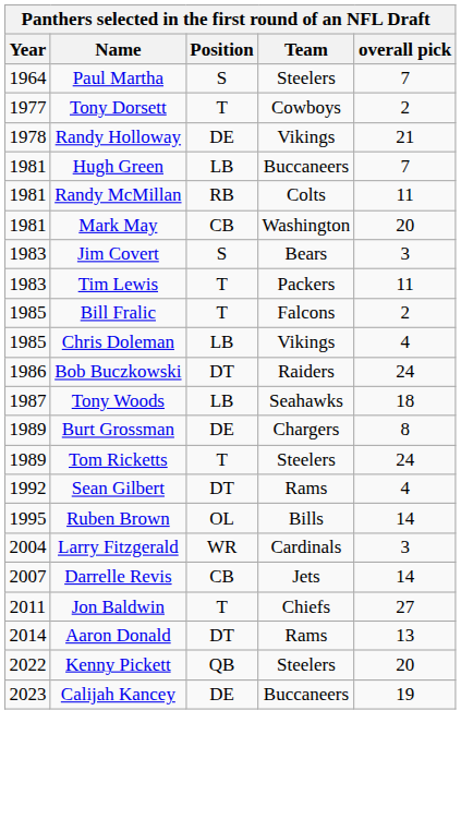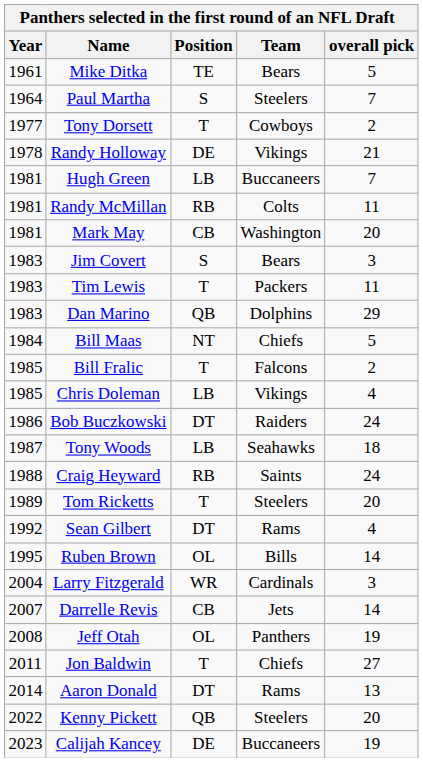 <table class="sortable wikitable" style="text-align:center">
 <tr>
 <th colspan=5>Panthers selected in the first round of an NFL Draft  </th>
 </tr>
 <tr>
 <th>Year</th>
 <th>Name</th>
 <th>Position</th>
 <th>Team</th>
 <th>overall pick</th>
+</tr>
+<tr>
+<td>1961</td>
+<td><a href='#'>Mike Ditka</a></td>
+<td style ="text-align:center">TE</td>
+<td>Bears</td>
+<td style ="text-align:center">5</td>
 </tr>
 <tr>
 <td>1964</td>
 <td><a href='#'>Paul Martha</a></td>
 <td style ="text-align:center">S</td>
 <td>Steelers</td>
 <td style ="text-align:center">7</td>
 </tr>
 <tr>
 <td>1977</td>
 <td><a href='#'>Tony Dorsett</a></td>
 <td style ="text-align:center">T</td>
 <td>Cowboys</td>
 <td style ="text-align:center">2</td>
 </tr>
 <tr>
 <td>1978</td>
 <td><a href='#'>Randy Holloway</a></td>
 <td style ="text-align:center">DE</td>
 <td>Vikings</td>
 <td style ="text-align:center">21</td>
 </tr>
 <tr>
 <td>1981</td>
 <td><a href='#'>Hugh Green</a></td>
 <td style ="text-align:center">LB</td>
 <td>Buccaneers</td>
 <td style ="text-align:center">7</td>
 </tr>
 <tr>
 <td>1981</td>
 <td><a href='#'>Randy McMillan</a></td>
 <td style ="text-align:center">RB</td>
 <td>Colts</td>
 <td style ="text-align:center">11</td>
 </tr>
 <tr>
 <td>1981</td>
 <td><a href='#'>Mark May</a></td>
 <td style ="text-align:center">CB</td>
 <td>Washington</td>
 <td style ="text-align:center">20</td>
 </tr>
 <tr>
 <td>1983</td>
 <td><a href='#'>Jim Covert</a></td>
 <td style ="text-align:center">S</td>
 <td>Bears</td>
 <td style ="text-align:center">3</td>
 </tr>
 <tr>
 <td>1983</td>
 <td><a href='#'>Tim Lewis</a></td>
 <td style ="text-align:center">T</td>
 <td>Packers</td>
 <td style ="text-align:center">11</td>
 </tr>
 <tr>
+<td>1983</td>
+<td><a href='#'>Dan Marino</a></td>
+<td style ="text-align:center">QB</td>
+<td>Dolphins</td>
+<td style ="text-align:center">29</td>
+</tr>
+<tr>
+<td>1984</td>
+<td><a href='#'>Bill Maas</a></td>
+<td style ="text-align:center">NT</td>
+<td>Chiefs</td>
+<td style ="text-align:center">5</td>
+</tr>
+<tr>
 <td>1985</td>
 <td><a href='#'>Bill Fralic</a></td>
 <td style ="text-align:center">T</td>
 <td>Falcons</td>
 <td style ="text-align:center">2</td>
 </tr>
 <tr>
 <td>1985</td>
 <td><a href='#'>Chris Doleman</a></td>
 <td style ="text-align:center">LB</td>
 <td>Vikings</td>
 <td style ="text-align:center">4</td>
 </tr>
 <tr>
 <td>1986</td>
 <td><a href='#'>Bob Buczkowski</a></td>
 <td style ="text-align:center">DT</td>
 <td>Raiders</td>
 <td style ="text-align:center">24</td>
 </tr>
 <tr>
 <td>1987</td>
 <td><a href='#'>Tony Woods</a></td>
 <td style ="text-align:center">LB</td>
 <td>Seahawks</td>
 <td style ="text-align:center">18</td>
 </tr>
 <tr>
-<td>1989</td>
-<td><a href='#'>Burt Grossman</a></td>
-<td style ="text-align:center">DE</td>
-<td>Chargers</td>
-<td style ="text-align:center">8</td>
+<td>1988</td>
+<td><a href='#'>Craig Heyward</a></td>
+<td style ="text-align:center">RB</td>
+<td>Saints</td>
+<td style ="text-align:center">24</td>
 </tr>
 <tr>
 <td>1989</td>
 <td><a href='#'>Tom Ricketts</a></td>
 <td style ="text-align:center">T</td>
 <td>Steelers</td>
-<td style ="text-align:center">24</td>
+<td style ="text-align:center">20</td>
 </tr>
 <tr>
 <td>1992</td>
 <td><a href='#'>Sean Gilbert</a></td>
 <td style ="text-align:center">DT</td>
 <td>Rams</td>
 <td style ="text-align:center">4</td>
 </tr>
 <tr>
 <td>1995</td>
 <td><a href='#'>Ruben Brown</a></td>
 <td style ="text-align:center">OL</td>
 <td>Bills</td>
 <td style ="text-align:center">14</td>
 </tr>
 <tr>
 <td>2004</td>
 <td><a href='#'>Larry Fitzgerald</a></td>
 <td style ="text-align:center">WR</td>
 <td>Cardinals</td>
 <td style ="text-align:center">3</td>
 </tr>
 <tr>
 <td>2007</td>
 <td><a href='#'>Darrelle Revis</a></td>
 <td style ="text-align:center">CB</td>
 <td>Jets</td>
 <td style ="text-align:center">14</td>
 </tr>
 <tr>
+<td>2008</td>
+<td><a href='#'>Jeff Otah</a></td>
+<td style ="text-align:center">OL</td>
+<td>Panthers</td>
+<td style ="text-align:center">19</td>
+</tr>
+<tr>
 <td>2011</td>
 <td><a href='#'>Jon Baldwin</a></td>
 <td style ="text-align:center">T</td>
 <td>Chiefs</td>
 <td style ="text-align:center">27</td>
 </tr>
 <tr>
 <td>2014</td>
 <td><a href='#'>Aaron Donald</a></td>
 <td style ="text-align:center">DT</td>
 <td>Rams</td>
 <td style ="text-align:center">13</td>
 </tr>
 <tr>
 <td>2022</td>
 <td><a href='#'>Kenny Pickett</a></td>
 <td style ="text-align:center">QB</td>
 <td>Steelers</td>
 <td style ="text-align:center">20</td>
 </tr>
 <tr>
 <td>2023</td>
 <td><a href='#'>Calijah Kancey</a></td>
 <td style ="text-align:center">DE</td>
 <td>Buccaneers</td>
 <td style ="text-align:center">19</td>
 </tr>
 </table>
